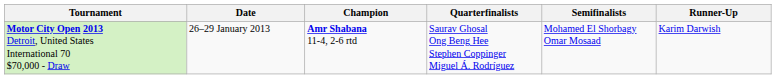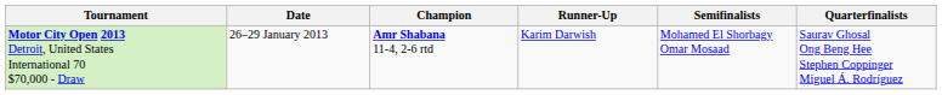 <table class="wikitable" style="font-size:88%">
 <tr>
 <th width=250>Tournament</th>
 <th width=160>Date</th>
 <th width=165>Champion</th>
+<th width=155>Runner-Up</th>
+<th width=155>Semifinalists</th>
 <th width=155>Quarterfinalists</th>
-<th width=155>Semifinalists</th>
-<th width=155>Runner-Up</th>
 </tr>
 <tr valign=top>
 <td style="background:#D4F1C5;"><strong><a href='#'>Motor City Open</a> <a href='#'>2013</a></strong><br> <a href='#'>Detroit</a>, United States<br>International 70<br>$70,000 - <a href='#'>Draw</a></td>
 <td>26–29 January 2013</td>
 <td> <strong><a href='#'>Amr Shabana</a></strong><br>11-4, 2-6 rtd</td>
+<td> <a href='#'>Karim Darwish</a></td>
+<td> <a href='#'>Mohamed El Shorbagy</a><br> <a href='#'>Omar Mosaad</a></td>
 <td> <a href='#'>Saurav Ghosal</a><br> <a href='#'>Ong Beng Hee</a><br> <a href='#'>Stephen Coppinger</a><br> <a href='#'>Miguel Á. Rodríguez</a></td>
-<td> <a href='#'>Mohamed El Shorbagy</a><br> <a href='#'>Omar Mosaad</a></td>
-<td> <a href='#'>Karim Darwish</a></td>
 </tr>
 </table>
